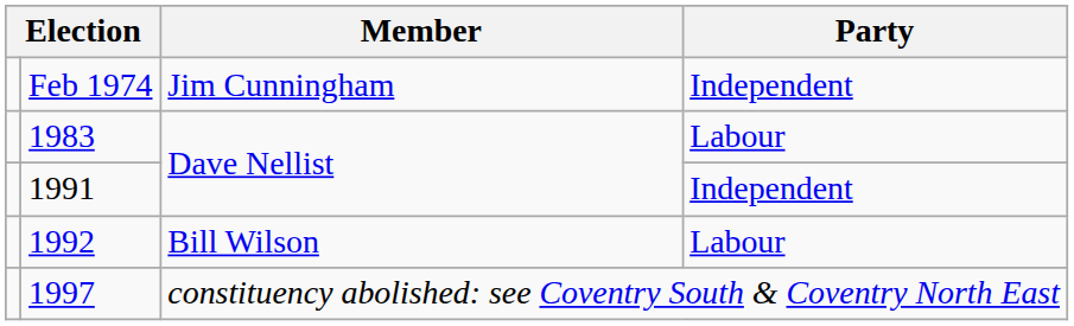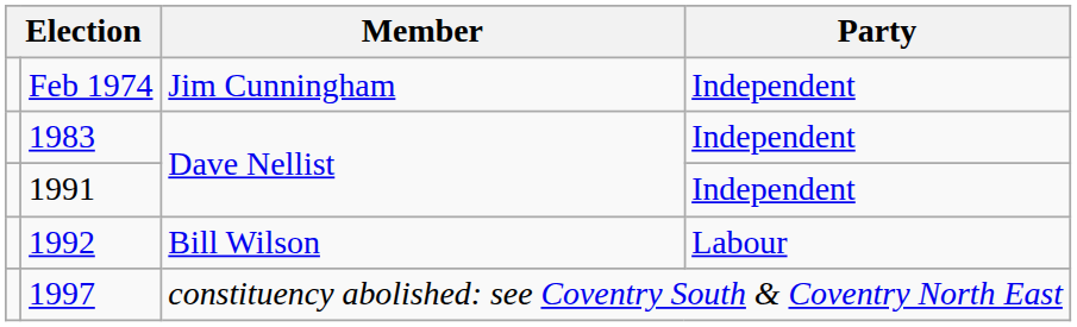 <table class="wikitable">
 <tr>
 <th colspan="2">Election</th>
 <th>Member</th>
 <th>Party</th>
 </tr>
 <tr>
 <td style="color:inherit;background-color: "></td>
 <td><a href='#'>Feb 1974</a></td>
 <td><a href='#'>Jim Cunningham</a></td>
 <td><a href='#'>Independent</a></td>
 </tr>
 <tr>
 <td style="color:inherit;background-color: "></td>
 <td><a href='#'>1983</a></td>
 <td rowspan="2"><a href='#'>Dave Nellist</a></td>
-<td><a href='#'>Labour</a></td>
+<td><a href='#'>Independent</a></td>
 </tr>
 <tr>
 <td style="color:inherit;background-color: "></td>
 <td>1991</td>
 <td><a href='#'>Independent</a></td>
 </tr>
 <tr>
 <td style="color:inherit;background-color: "></td>
 <td><a href='#'>1992</a></td>
 <td><a href='#'>Bill Wilson</a></td>
 <td><a href='#'>Labour</a></td>
 </tr>
 <tr>
 <td></td>
 <td><a href='#'>1997</a></td>
 <td colspan="2"><em>constituency abolished: see <a href='#'>Coventry South</a> & <a href='#'>Coventry North East</a></em></td>
 </tr>
 </table>
